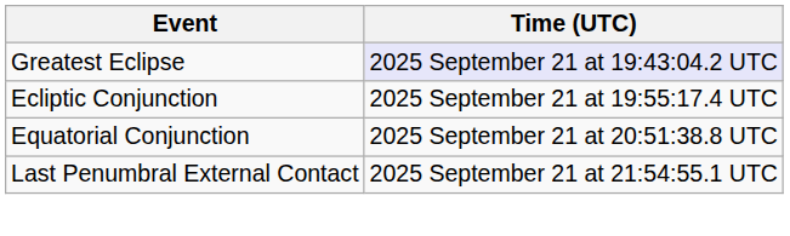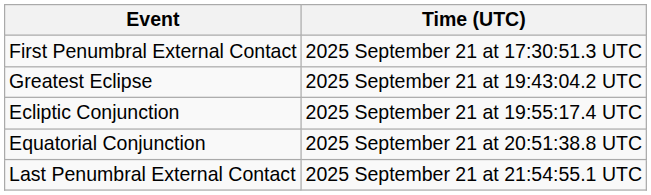 <table class="wikitable">
 <tr>
 <th>Event</th>
 <th>Time (UTC)</th>
 </tr>
 <tr>
+<td>First Penumbral External Contact</td>
+<td>2025 September 21 at 17:30:51.3 UTC</td>
+</tr>
+<tr>
 <td>Greatest Eclipse</td>
-<td style="background: lavender;">2025 September 21 at 19:43:04.2 UTC</td>
+<td>2025 September 21 at 19:43:04.2 UTC</td>
 </tr>
 <tr>
 <td>Ecliptic Conjunction</td>
 <td>2025 September 21 at 19:55:17.4 UTC</td>
 </tr>
 <tr>
 <td>Equatorial Conjunction</td>
 <td>2025 September 21 at 20:51:38.8 UTC</td>
 </tr>
 <tr>
 <td>Last Penumbral External Contact</td>
 <td>2025 September 21 at 21:54:55.1 UTC</td>
 </tr>
 </table>
